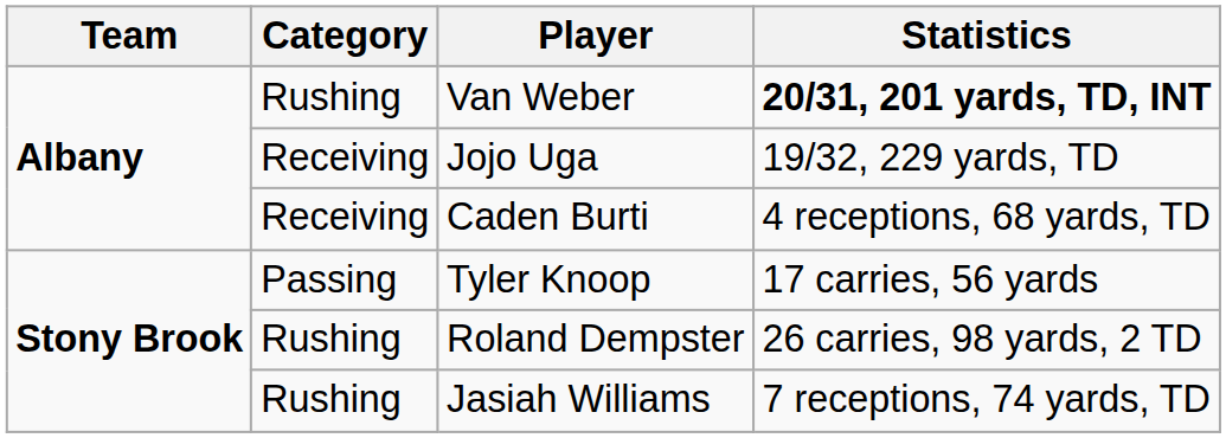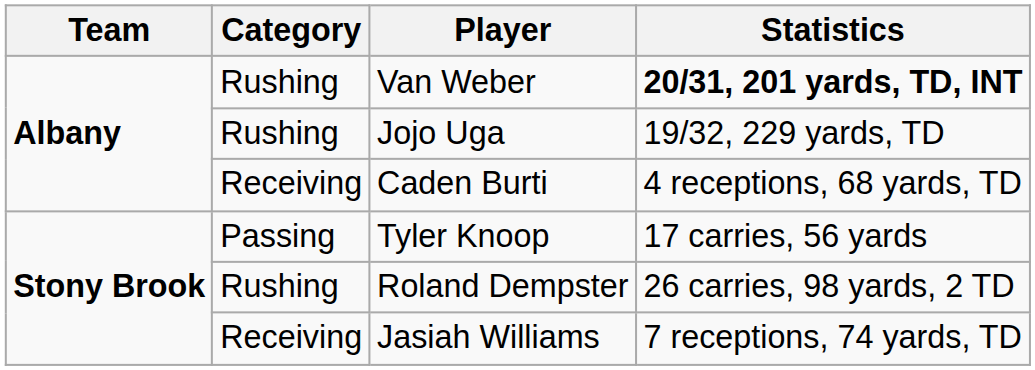 <table class="wikitable" style="float: right;">
 <tr>
 <th>Team</th>
 <th>Category</th>
 <th>Player</th>
 <th>Statistics</th>
 </tr>
 <tr>
 <td rowspan=3><strong>Albany</strong></td>
 <td>Rushing</td>
 <td>Van Weber</td>
 <td><strong>20/31, 201 yards, TD, INT</strong></td>
 </tr>
 <tr>
-<td>Receiving</td>
+<td>Rushing</td>
 <td>Jojo Uga</td>
 <td>19/32, 229 yards, TD</td>
 </tr>
 <tr>
 <td>Receiving</td>
 <td>Caden Burti</td>
 <td>4 receptions, 68 yards, TD</td>
 </tr>
 <tr>
 <td rowspan=3><strong>Stony Brook</strong></td>
 <td>Passing</td>
 <td>Tyler Knoop</td>
 <td>17 carries, 56 yards</td>
 </tr>
 <tr>
 <td>Rushing</td>
 <td>Roland Dempster</td>
 <td>26 carries, 98 yards, 2 TD</td>
 </tr>
 <tr>
-<td>Rushing</td>
+<td>Receiving</td>
 <td>Jasiah Williams</td>
 <td>7 receptions, 74 yards, TD</td>
 </tr>
 </table>
